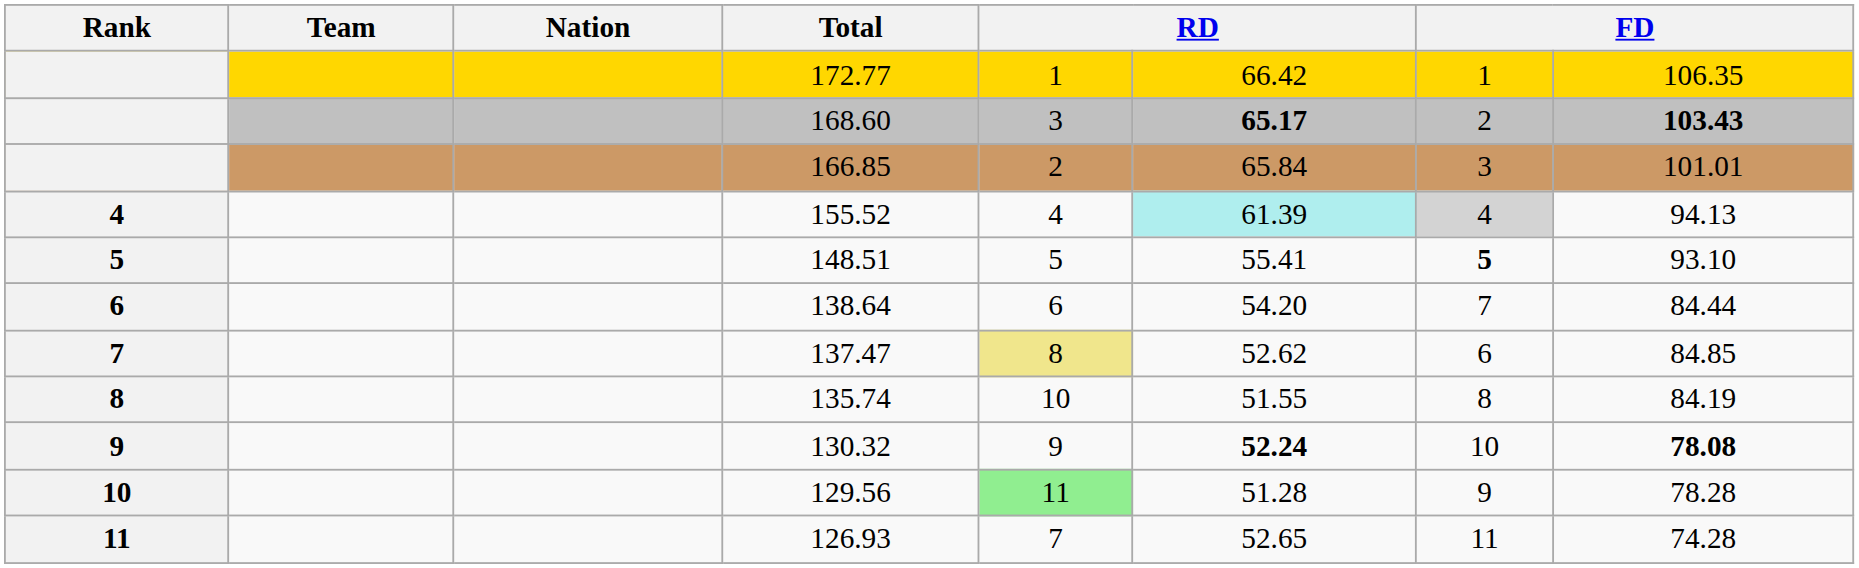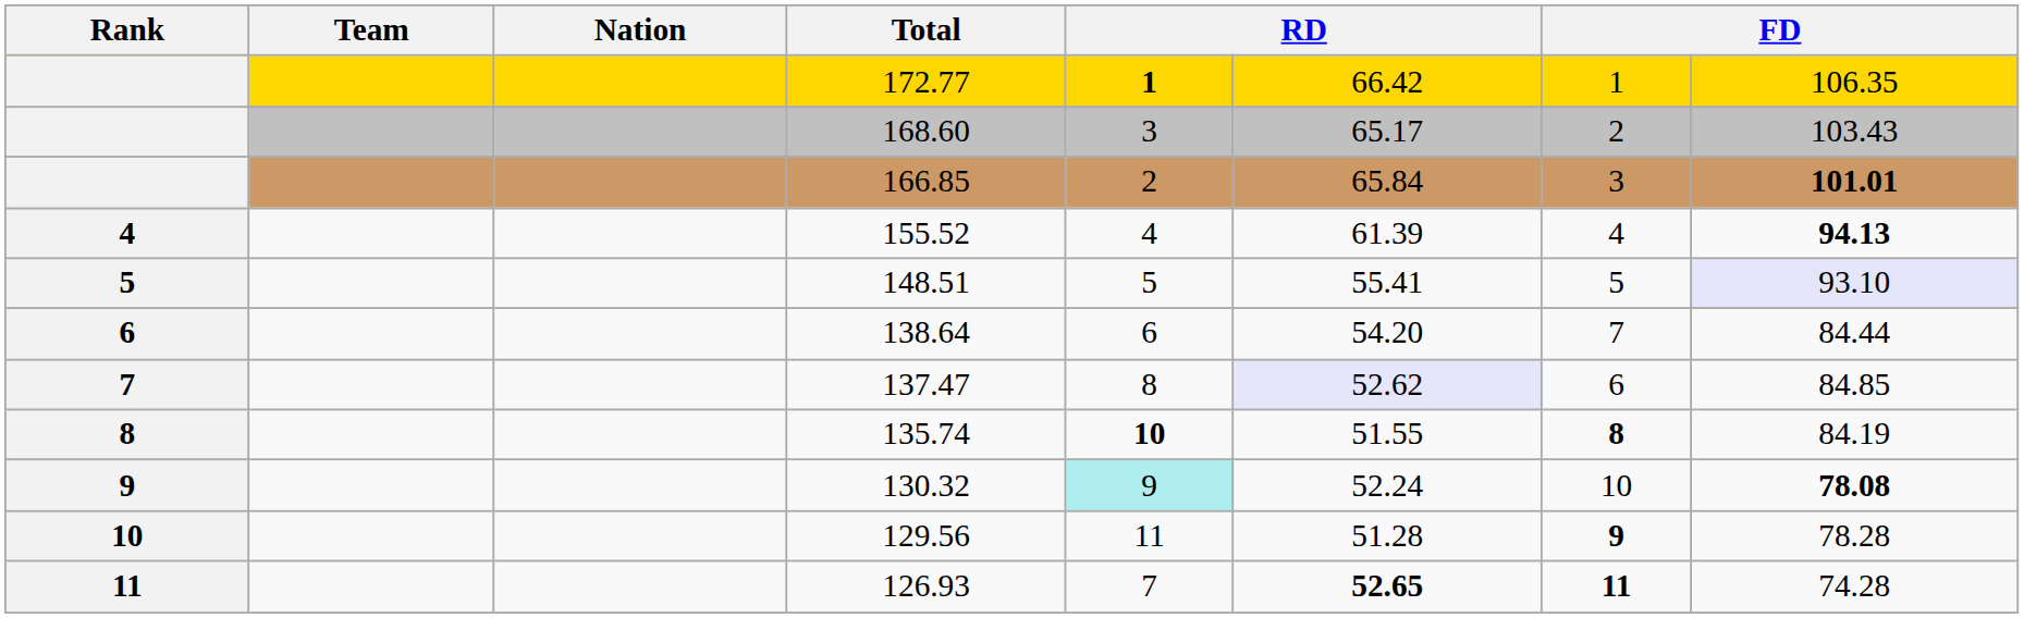 <table class="wikitable sortable" style="text-align:center; width:80%">
 <tr>
 <th scope="col">Rank</th>
 <th scope="col">Team</th>
 <th scope="col">Nation</th>
 <th scope="col">Total</th>
 <th scope="col" colspan="2" width="80px"><a href='#'>RD</a></th>
 <th scope="col" colspan="2" width="80px"><a href='#'>FD</a></th>
 </tr>
 <tr bgcolor="gold">
 <th scope="row"></th>
 <td align="left"></td>
 <td align="left"></td>
 <td align="center">172.77</td>
-<td align="center">1</td>
+<td align="center"><strong>1</strong></td>
 <td align="center">66.42</td>
 <td align="center">1</td>
 <td align="center">106.35</td>
 </tr>
 <tr bgcolor="silver">
 <th scope="row"></th>
 <td align="left"></td>
 <td align="left"></td>
 <td align="center">168.60</td>
 <td align="center">3</td>
-<td align="center"><strong>65.17</strong></td>
+<td align="center">65.17</td>
 <td align="center">2</td>
-<td align="center"><strong>103.43</strong></td>
+<td align="center">103.43</td>
 </tr>
 <tr bgcolor="#cc9966">
 <th scope="row"></th>
 <td align="left"></td>
 <td align="left"></td>
 <td align="center">166.85</td>
 <td align="center">2</td>
 <td align="center">65.84</td>
 <td align="center">3</td>
-<td align="center">101.01</td>
+<td align="center"><strong>101.01</strong></td>
 </tr>
 <tr>
 <th scope="row">4</th>
 <td align="left"></td>
 <td align="left"></td>
 <td align="center">155.52</td>
 <td align="center">4</td>
-<td align="center" style="background: paleturquoise;">61.39</td>
-<td align="center" style="background: lightgrey;">4</td>
-<td align="center">94.13</td>
+<td align="center">61.39</td>
+<td align="center">4</td>
+<td align="center"><strong>94.13</strong></td>
 </tr>
 <tr>
 <th scope="row">5</th>
 <td align="left"></td>
 <td align="left"></td>
 <td align="center">148.51</td>
 <td align="center">5</td>
 <td align="center">55.41</td>
-<td align="center"><strong>5</strong></td>
-<td align="center">93.10</td>
+<td align="center">5</td>
+<td align="center" style="background: lavender;">93.10</td>
 </tr>
 <tr>
 <th scope="row">6</th>
 <td align="left"></td>
 <td align="left"></td>
 <td align="center">138.64</td>
 <td align="center">6</td>
 <td align="center">54.20</td>
 <td align="center">7</td>
 <td align="center">84.44</td>
 </tr>
 <tr>
 <th scope="row">7</th>
 <td align="left"></td>
 <td align="left"></td>
 <td align="center">137.47</td>
-<td align="center" style="background: khaki;">8</td>
-<td align="center">52.62</td>
+<td align="center">8</td>
+<td align="center" style="background: lavender;">52.62</td>
 <td align="center">6</td>
 <td align="center">84.85</td>
 </tr>
 <tr>
 <th scope="row">8</th>
 <td align="left"></td>
 <td align="left"></td>
 <td align="center">135.74</td>
-<td align="center">10</td>
+<td align="center"><strong>10</strong></td>
 <td align="center">51.55</td>
-<td align="center">8</td>
+<td align="center"><strong>8</strong></td>
 <td align="center">84.19</td>
 </tr>
 <tr>
 <th scope="row">9</th>
 <td align="left"></td>
 <td align="left"></td>
 <td align="center">130.32</td>
-<td align="center">9</td>
-<td align="center"><strong>52.24</strong></td>
+<td align="center" style="background: paleturquoise;">9</td>
+<td align="center">52.24</td>
 <td align="center">10</td>
 <td align="center"><strong>78.08</strong></td>
 </tr>
 <tr>
 <th scope="row">10</th>
 <td align="left"></td>
 <td align="left"></td>
 <td align="center">129.56</td>
-<td align="center" style="background: lightgreen;">11</td>
+<td align="center">11</td>
 <td align="center">51.28</td>
-<td align="center">9</td>
+<td align="center"><strong>9</strong></td>
 <td align="center">78.28</td>
 </tr>
 <tr>
 <th scope="row">11</th>
 <td align="left"></td>
 <td align="left"></td>
 <td align="center">126.93</td>
 <td align="center">7</td>
-<td align="center">52.65</td>
-<td align="center">11</td>
+<td align="center"><strong>52.65</strong></td>
+<td align="center"><strong>11</strong></td>
 <td align="center">74.28</td>
 </tr>
 </table>
